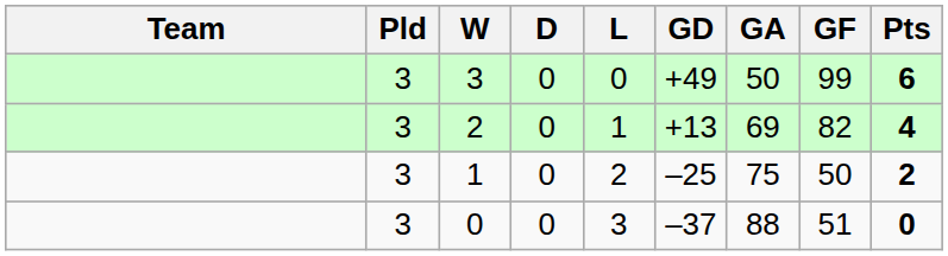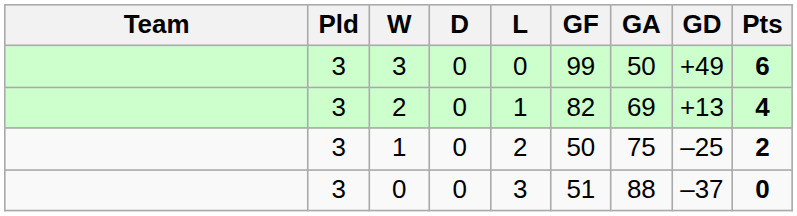 <table class="wikitable" style="text-align: center;">
 <tr>
 <th width="180">Team</th>
 <th width="30">Pld</th>
 <th width="30">W</th>
 <th width="30">D</th>
 <th width="30">L</th>
+<th width="30">GF</th>
+<th width="30">GA</th>
 <th width="30">GD</th>
-<th width="30">GA</th>
-<th width="30">GF</th>
 <th width="30">Pts</th>
 </tr>
 <tr bgcolor=#CCFFCC>
 <td align="left"></td>
 <td>3</td>
 <td>3</td>
 <td>0</td>
 <td>0</td>
+<td>99</td>
+<td>50</td>
 <td>+49</td>
-<td>50</td>
-<td>99</td>
 <td><strong>6</strong></td>
 </tr>
 <tr bgcolor=#CCFFCC>
 <td align="left"></td>
 <td>3</td>
 <td>2</td>
 <td>0</td>
 <td>1</td>
+<td>82</td>
+<td>69</td>
 <td>+13</td>
-<td>69</td>
-<td>82</td>
 <td><strong>4</strong></td>
 </tr>
 <tr>
 <td align="left"></td>
 <td>3</td>
 <td>1</td>
 <td>0</td>
 <td>2</td>
+<td>50</td>
+<td>75</td>
 <td>–25</td>
-<td>75</td>
-<td>50</td>
 <td><strong>2</strong></td>
 </tr>
 <tr>
 <td align="left"></td>
 <td>3</td>
 <td>0</td>
 <td>0</td>
 <td>3</td>
+<td>51</td>
+<td>88</td>
 <td>–37</td>
-<td>88</td>
-<td>51</td>
 <td><strong>0</strong></td>
 </tr>
 </table>
